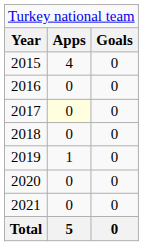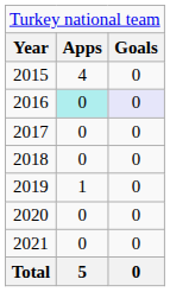 <table class="wikitable" style="text-align:center">
 <tr>
 <td colspan="3"><a href='#'>Turkey national team</a></td>
 </tr>
 <tr>
 <th>Year</th>
 <th>Apps</th>
 <th>Goals</th>
 </tr>
 <tr>
 <td>2015</td>
 <td>4</td>
 <td>0</td>
 </tr>
 <tr>
 <td>2016</td>
-<td>0</td>
-<td>0</td>
+<td style="background: paleturquoise;">0</td>
+<td style="background: lavender;">0</td>
 </tr>
 <tr>
 <td>2017</td>
-<td style="background: lightyellow;">0</td>
+<td>0</td>
 <td>0</td>
 </tr>
 <tr>
 <td>2018</td>
 <td>0</td>
 <td>0</td>
 </tr>
 <tr>
 <td>2019</td>
 <td>1</td>
 <td>0</td>
 </tr>
 <tr>
 <td>2020</td>
 <td>0</td>
 <td>0</td>
 </tr>
 <tr>
 <td>2021</td>
 <td>0</td>
 <td>0</td>
 </tr>
 <tr>
 <th>Total</th>
 <th>5</th>
 <th>0</th>
 </tr>
 </table>
